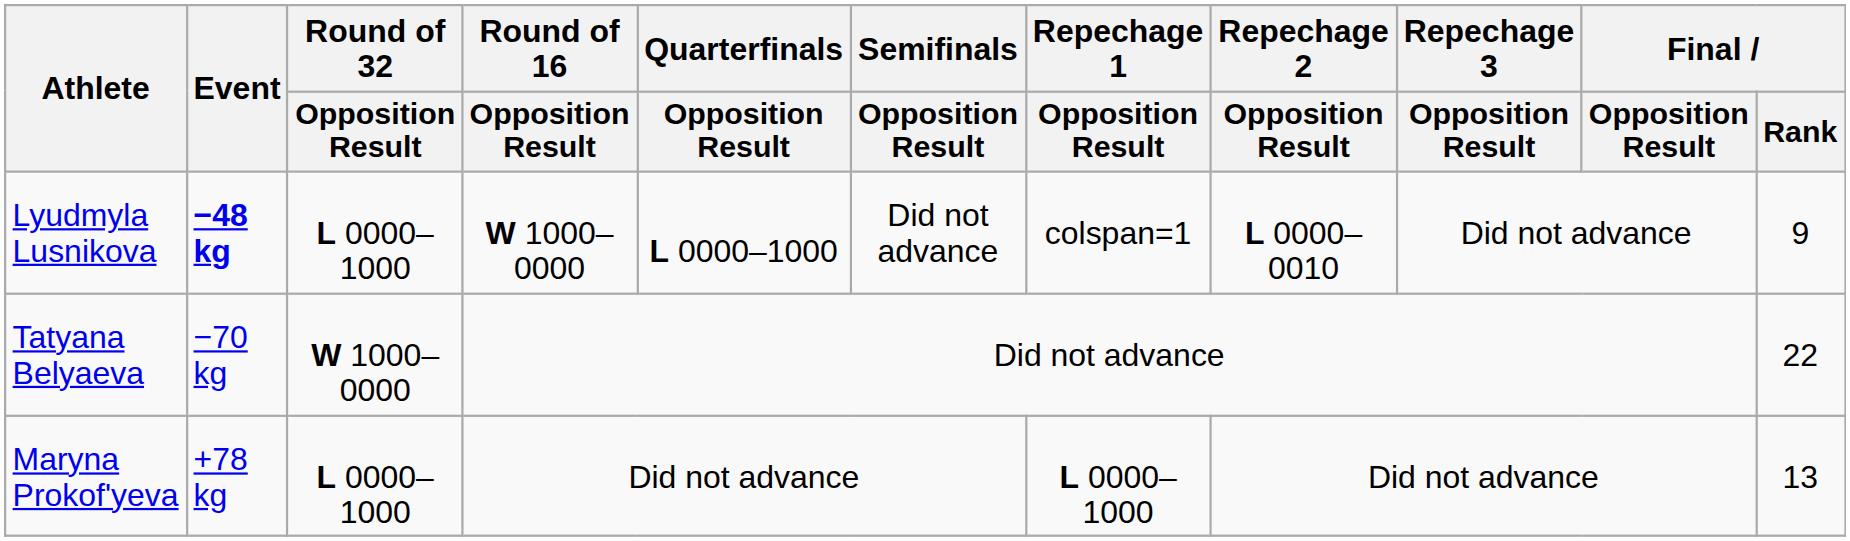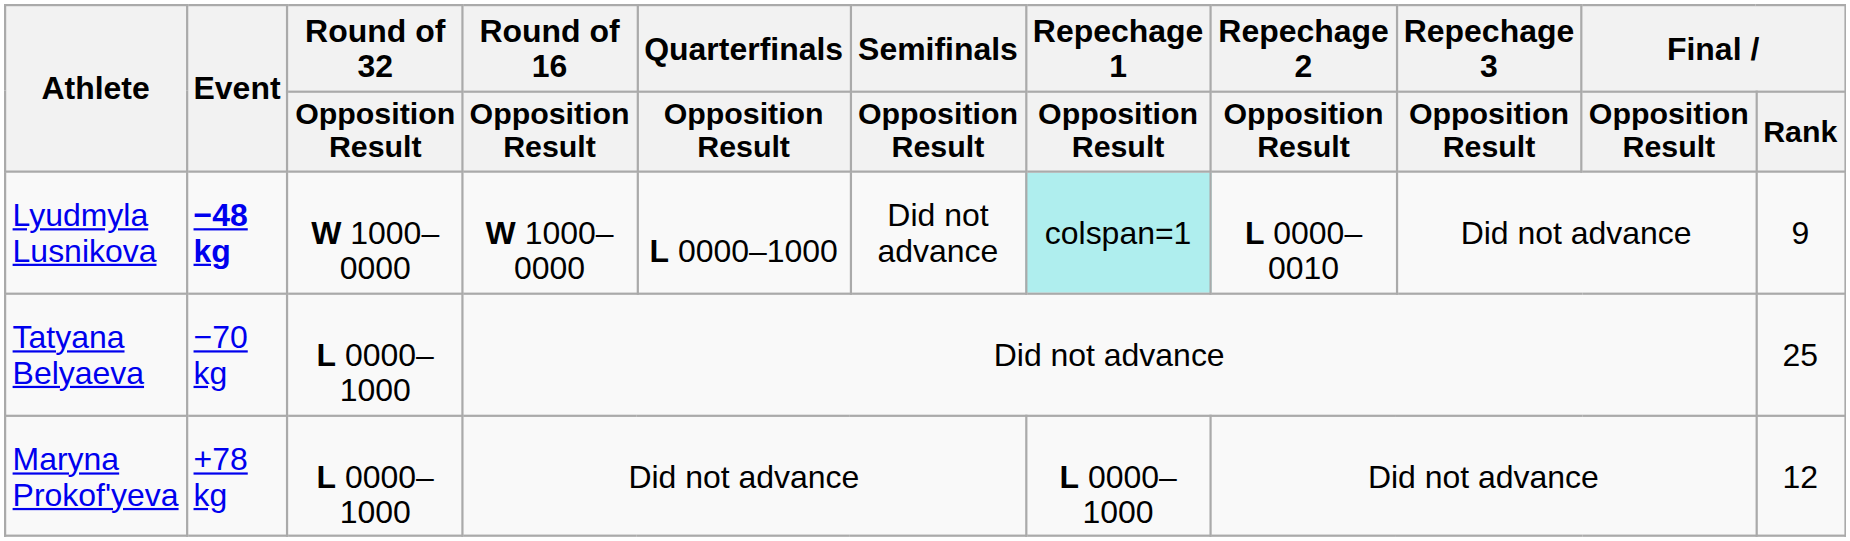 <table class="wikitable" style="font-size:90%">
 <tr>
 <th rowspan="2">Athlete</th>
 <th rowspan="2">Event</th>
 <th>Round of 32</th>
 <th>Round of 16</th>
 <th>Quarterfinals</th>
 <th>Semifinals</th>
 <th>Repechage 1</th>
 <th>Repechage 2</th>
 <th>Repechage 3</th>
 <th colspan=2>Final / </th>
 </tr>
 <tr style="font-size:95%">
 <th>Opposition<br>Result</th>
 <th>Opposition<br>Result</th>
 <th>Opposition<br>Result</th>
 <th>Opposition<br>Result</th>
 <th>Opposition<br>Result</th>
 <th>Opposition<br>Result</th>
 <th>Opposition<br>Result</th>
 <th>Opposition<br>Result</th>
 <th>Rank</th>
 </tr>
 <tr align=center>
 <td align=left><a href='#'>Lyudmyla Lusnikova</a></td>
 <td align=left><strong><a href='#'>−48 kg</a></strong></td>
-<td><br><strong>L</strong> 0000–1000</td>
+<td><br><strong>W</strong> 1000–0000</td>
 <td><br><strong>W</strong> 1000–0000</td>
 <td><br><strong>L</strong> 0000–1000</td>
 <td colspan=1>Did not advance</td>
-<td>colspan=1 </td>
+<td style="background: paleturquoise;">colspan=1 </td>
 <td><br><strong>L</strong> 0000–0010</td>
 <td colspan=2>Did not advance</td>
 <td>9</td>
 </tr>
 <tr align=center>
 <td align=left><a href='#'>Tatyana Belyaeva</a></td>
 <td align=left><a href='#'>−70 kg</a></td>
-<td><br><strong>W</strong> 1000–0000</td>
+<td><br><strong>L</strong> 0000–1000</td>
 <td colspan=7>Did not advance</td>
-<td>22</td>
+<td>25</td>
 </tr>
 <tr align=center>
 <td align=left><a href='#'>Maryna Prokof'yeva</a></td>
 <td align=left><a href='#'>+78 kg</a></td>
 <td><br><strong>L</strong> 0000–1000</td>
 <td colspan=3>Did not advance</td>
 <td><br><strong>L</strong> 0000–1000</td>
 <td colspan=3>Did not advance</td>
-<td>13</td>
+<td>12</td>
 </tr>
 </table>
